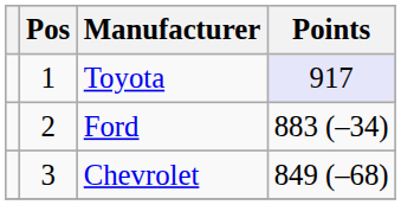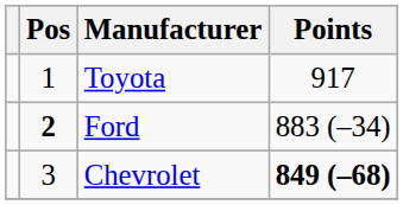 <table class="wikitable" style="font-size: 95%;">
 <tr>
 <th></th>
 <th>Pos</th>
 <th>Manufacturer</th>
 <th>Points</th>
 </tr>
 <tr>
 <td align="left"></td>
 <td style="text-align:center;">1</td>
 <td><a href='#'>Toyota</a></td>
-<td style="background: lavender; text-align:center;">917</td>
+<td style="text-align:center;">917</td>
 </tr>
 <tr>
 <td align="left"></td>
-<td style="text-align:center;">2</td>
+<td style="text-align:center;"><strong>2</strong></td>
 <td><a href='#'>Ford</a></td>
 <td style="text-align:center;">883 (–34)</td>
 </tr>
 <tr>
 <td align="left"></td>
 <td style="text-align:center;">3</td>
 <td><a href='#'>Chevrolet</a></td>
-<td style="text-align:center;">849 (–68)</td>
+<td style="text-align:center;"><strong>849 (–68)</strong></td>
 </tr>
 <tr class="sortbottom">
 </tr>
 </table>
